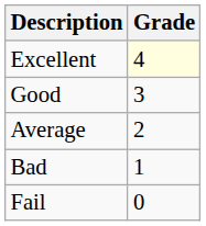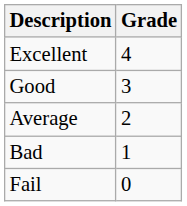 <table class="wikitable">
 <tr>
 <th>Description</th>
 <th>Grade</th>
 </tr>
 <tr>
 <td>Excellent</td>
-<td style="background: lightyellow;">4</td>
+<td>4</td>
 </tr>
 <tr>
 <td>Good</td>
 <td>3</td>
 </tr>
 <tr>
 <td>Average</td>
 <td>2</td>
 </tr>
 <tr>
 <td>Bad</td>
 <td>1</td>
 </tr>
 <tr>
 <td>Fail</td>
 <td>0</td>
 </tr>
 </table>
